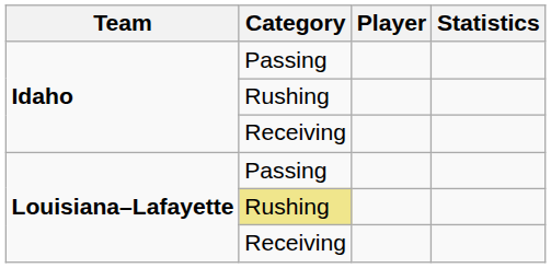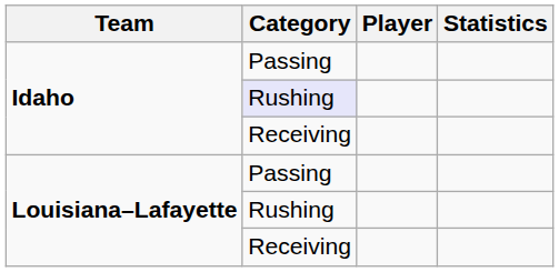 <table class="wikitable" style="float: right;">
 <tr>
 <th>Team</th>
 <th>Category</th>
 <th>Player</th>
 <th>Statistics</th>
 </tr>
 <tr>
 <td rowspan=3><strong>Idaho</strong></td>
 <td>Passing</td>
 <td></td>
 <td></td>
 </tr>
 <tr>
-<td>Rushing</td>
+<td style="background: lavender;">Rushing</td>
 <td></td>
 <td></td>
 </tr>
 <tr>
 <td>Receiving</td>
 <td></td>
 <td></td>
 </tr>
 <tr>
 <td rowspan=3><strong>Louisiana–Lafayette</strong></td>
 <td>Passing</td>
 <td></td>
 <td></td>
 </tr>
 <tr>
-<td style="background: khaki;">Rushing</td>
+<td>Rushing</td>
 <td></td>
 <td></td>
 </tr>
 <tr>
 <td>Receiving</td>
 <td></td>
 <td></td>
 </tr>
 </table>
